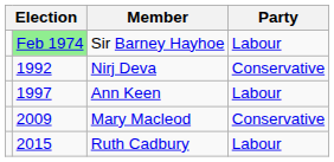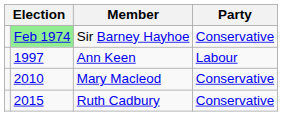 <table class=wikitable>
 <tr>
 <th colspan="2">Election</th>
 <th>Member</th>
 <th>Party</th>
 </tr>
 <tr>
 <td style="color:inherit;background-color: "></td>
 <td style="background: lightgreen;"><a href='#'>Feb 1974</a></td>
 <td>Sir <a href='#'>Barney Hayhoe</a></td>
-<td><a href='#'>Labour</a></td>
-</tr>
-<tr>
-<td style="color:inherit;background-color: "></td>
-<td><a href='#'>1992</a></td>
-<td><a href='#'>Nirj Deva</a></td>
 <td><a href='#'>Conservative</a></td>
 </tr>
 <tr>
 <td style="color:inherit;background-color: "></td>
 <td><a href='#'>1997</a></td>
 <td><a href='#'>Ann Keen</a></td>
 <td><a href='#'>Labour</a></td>
 </tr>
 <tr>
 <td style="color:inherit;background-color: "></td>
-<td><a href='#'>2009</a></td>
+<td><a href='#'>2010</a></td>
 <td><a href='#'>Mary Macleod</a></td>
 <td><a href='#'>Conservative</a></td>
 </tr>
 <tr>
 <td style="color:inherit;background-color: "></td>
 <td><a href='#'>2015</a></td>
 <td><a href='#'>Ruth Cadbury</a></td>
-<td><a href='#'>Labour</a></td>
+<td><a href='#'>Conservative</a></td>
 </tr>
 </table>
